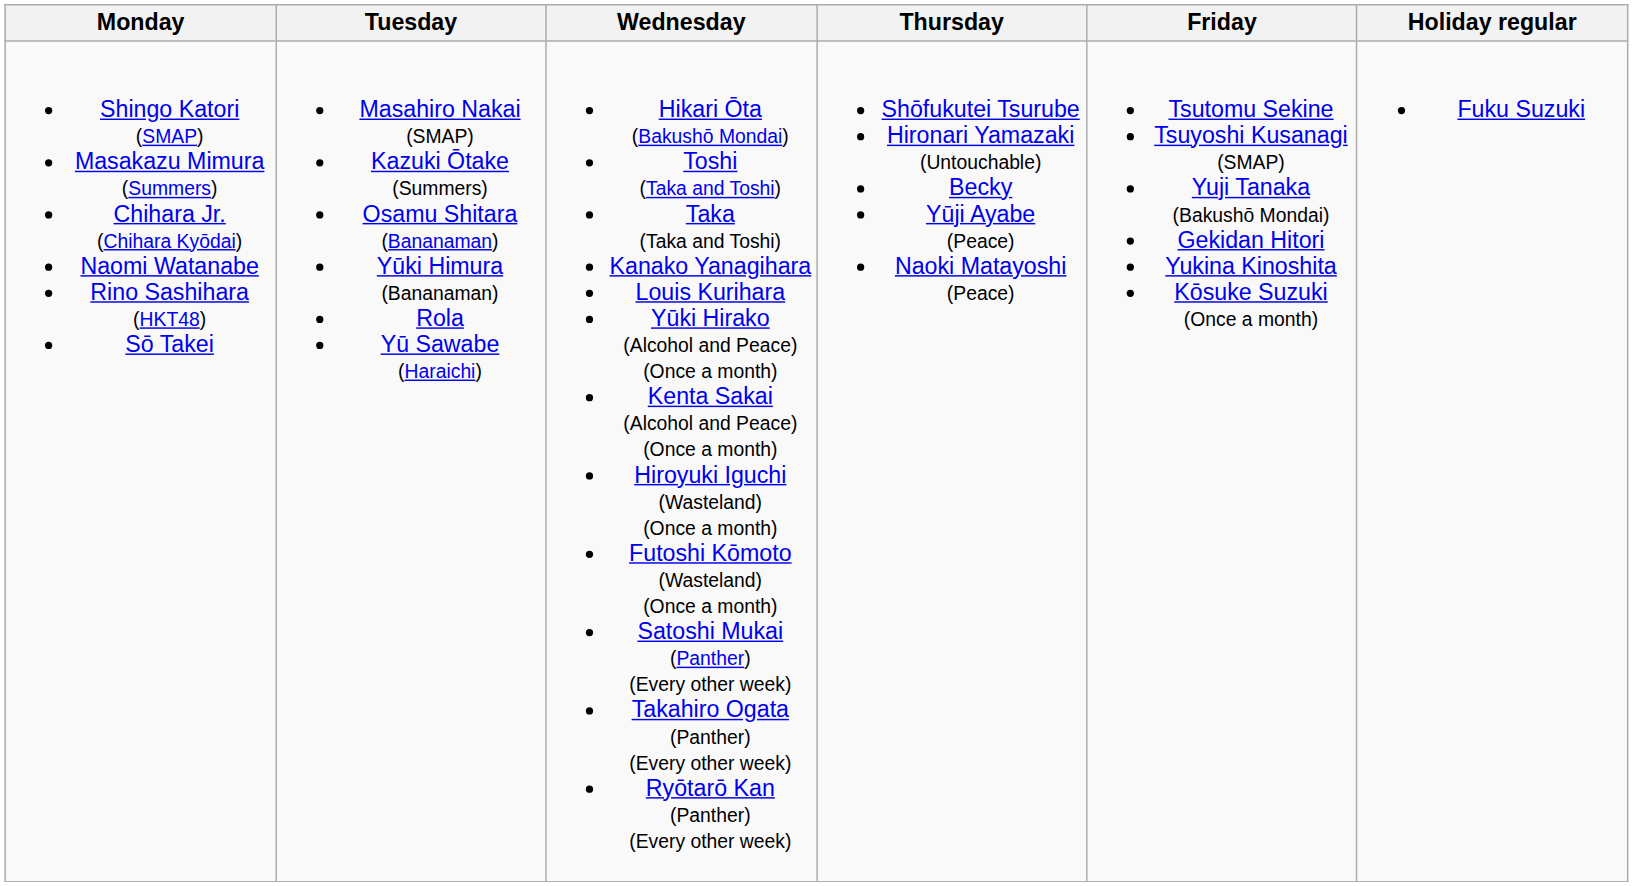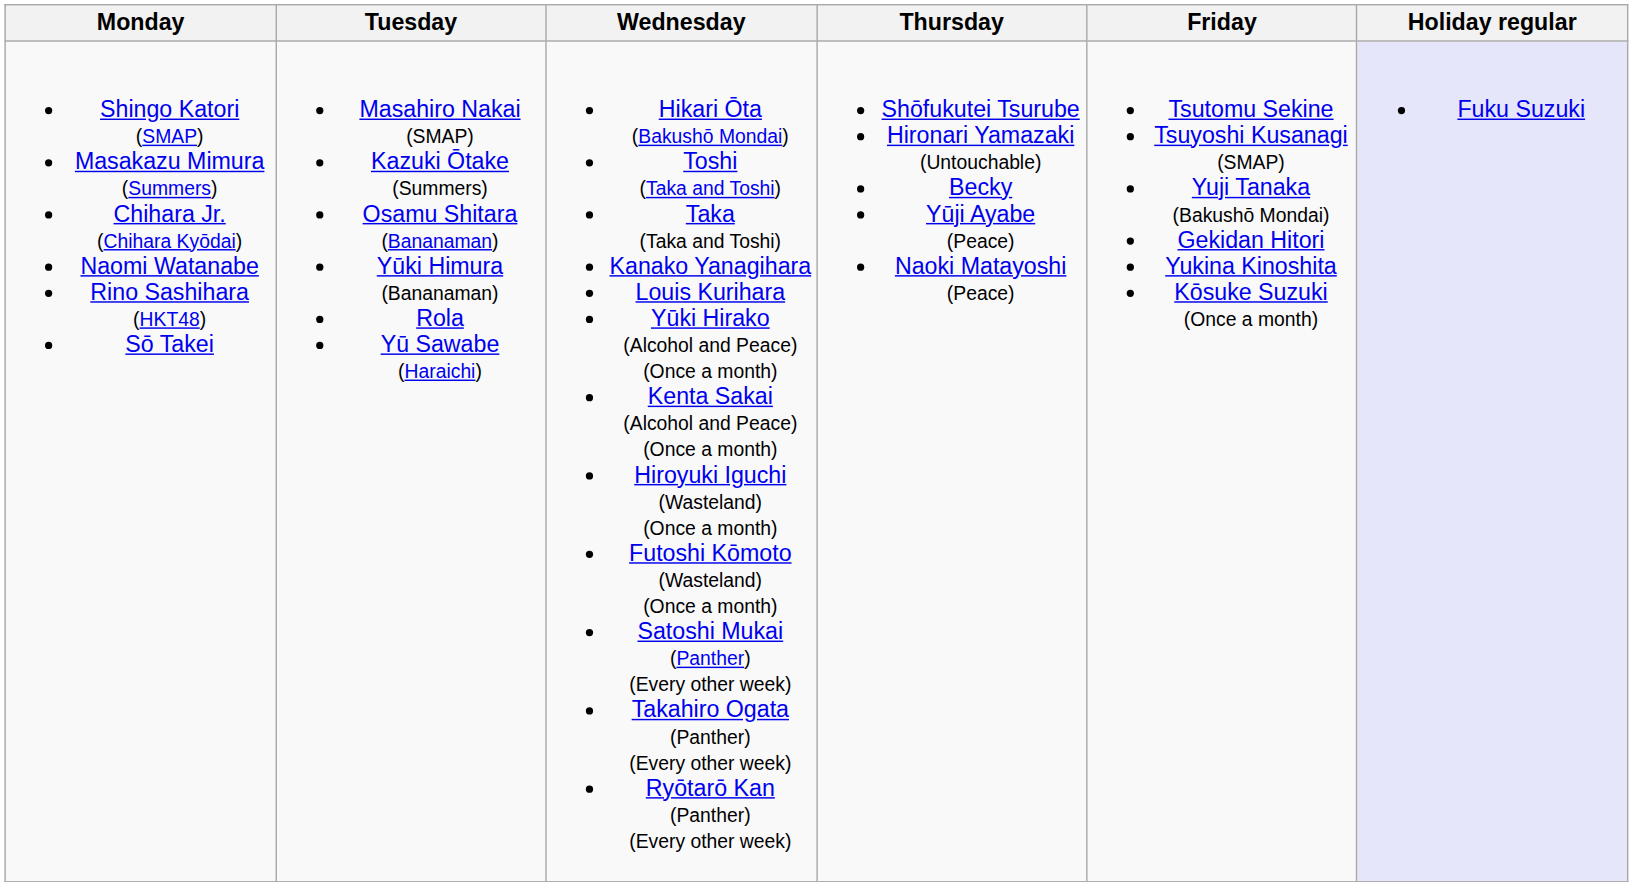 <table class="wikitable" style=" text-align: center; margin: 0 auto;">
 <tr>
 <th style="width:16.67%">Monday</th>
 <th style="width:16.67%">Tuesday</th>
 <th style="width:16.67%">Wednesday</th>
 <th style="width:16.67%">Thursday</th>
 <th style="width:16.67%">Friday</th>
 <th style="width:16.65%">Holiday regular</th>
 </tr>
 <tr>
 <td style="vertical-align: top;"><br><ul><li><a href='#'>Shingo Katori</a><br><small>(<a href='#'>SMAP</a>)</small></li><li><a href='#'>Masakazu Mimura</a><br><small>(<a href='#'>Summers</a>)</small></li><li><a href='#'>Chihara Jr.</a><br><small>(<a href='#'>Chihara Kyōdai</a>)</small></li><li><a href='#'>Naomi Watanabe</a></li><li><a href='#'>Rino Sashihara</a><br><small>(<a href='#'>HKT48</a>)</small></li><li><a href='#'>Sō Takei</a></li></ul></td>
 <td style="vertical-align: top;"><br><ul><li><a href='#'>Masahiro Nakai</a><br><small>(SMAP)</small></li><li><a href='#'>Kazuki Ōtake</a><br><small>(Summers)</small></li><li><a href='#'>Osamu Shitara</a><br><small>(<a href='#'>Bananaman</a>)</small></li><li><a href='#'>Yūki Himura</a><br><small>(Bananaman)</small></li><li><a href='#'>Rola</a></li><li><a href='#'>Yū Sawabe</a><br><small>(<a href='#'>Haraichi</a>)</small></li></ul></td>
 <td style="vertical-align: top;"><br><ul><li><a href='#'>Hikari Ōta</a><br><small>(<a href='#'>Bakushō Mondai</a>)</small></li><li><a href='#'>Toshi</a><br><small>(<a href='#'>Taka and Toshi</a>)</small></li><li><a href='#'>Taka</a><br><small>(Taka and Toshi)</small></li><li><a href='#'>Kanako Yanagihara</a></li><li><a href='#'>Louis Kurihara</a></li><li><a href='#'>Yūki Hirako</a><br><small>(Alcohol and Peace)<br>(Once a month)</small></li><li><a href='#'>Kenta Sakai</a><br><small>(Alcohol and Peace)<br>(Once a month)</small></li><li><a href='#'>Hiroyuki Iguchi</a><br><small>(Wasteland)<br>(Once a month)</small></li><li><a href='#'>Futoshi Kōmoto</a><br><small>(Wasteland)<br>(Once a month)</small></li><li><a href='#'>Satoshi Mukai</a><br><small>(<a href='#'>Panther</a>)<br>(Every other week)</small></li><li><a href='#'>Takahiro Ogata</a><br><small>(Panther)<br>(Every other week)</small></li><li><a href='#'>Ryōtarō Kan</a><br><small>(Panther)<br>(Every other week)</small></li></ul></td>
 <td style="vertical-align: top;"><br><ul><li><a href='#'>Shōfukutei Tsurube</a></li><li><a href='#'>Hironari Yamazaki</a><br><small>(Untouchable)</small></li><li><a href='#'>Becky</a></li><li><a href='#'>Yūji Ayabe</a><br><small>(Peace)</small></li><li><a href='#'>Naoki Matayoshi</a><br><small>(Peace)</small></li></ul></td>
 <td style="vertical-align: top;"><br><ul><li><a href='#'>Tsutomu Sekine</a></li><li><a href='#'>Tsuyoshi Kusanagi</a><br><small>(SMAP)</small></li><li><a href='#'>Yuji Tanaka</a><br><small>(Bakushō Mondai)</small></li><li><a href='#'>Gekidan Hitori</a></li><li><a href='#'>Yukina Kinoshita</a></li><li><a href='#'>Kōsuke Suzuki</a><br><small>(Once a month)</small></li></ul></td>
-<td style="vertical-align: top;"><br><ul><li><a href='#'>Fuku Suzuki</a></li></ul></td>
+<td style="background: lavender; vertical-align: top;"><br><ul><li><a href='#'>Fuku Suzuki</a></li></ul></td>
 </tr>
 <tr>
 </tr>
 </table>
